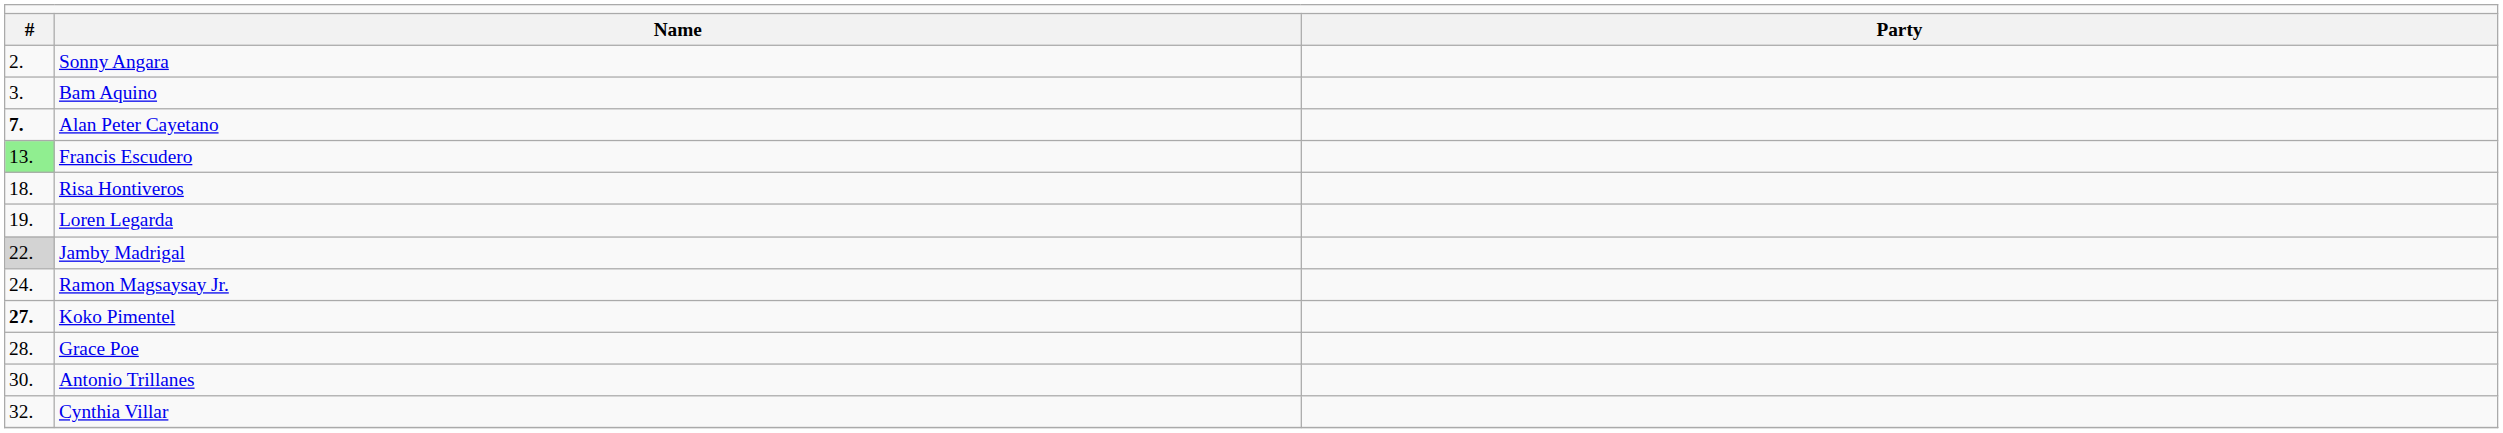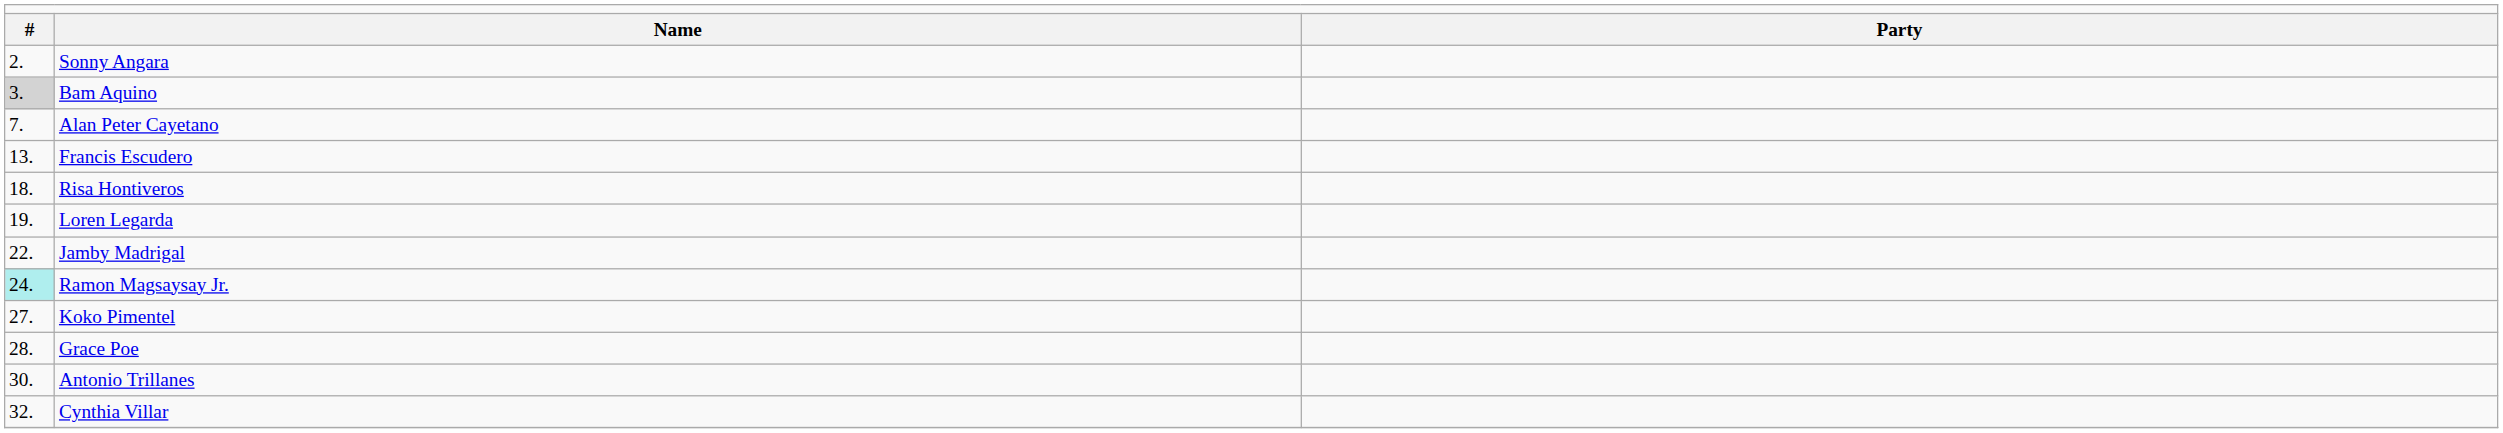 <table class=wikitable style="font-size:95%" width=99%>
 <tr>
 <td colspan=4 bgcolor=></td>
 </tr>
 <tr>
 <th width=2%>#</th>
 <th width=50%>Name</th>
 <th colspan=2>Party</th>
 </tr>
 <tr>
 <td>2.</td>
 <td><a href='#'>Sonny Angara</a></td>
 <td></td>
 </tr>
 <tr>
-<td>3.</td>
+<td style="background: lightgrey;">3.</td>
 <td><a href='#'>Bam Aquino</a></td>
 <td></td>
 </tr>
 <tr>
-<td><strong>7.</strong></td>
+<td>7.</td>
 <td><a href='#'>Alan Peter Cayetano</a></td>
 <td></td>
 </tr>
 <tr>
-<td style="background: lightgreen;">13.</td>
+<td>13.</td>
 <td><a href='#'>Francis Escudero</a></td>
 <td></td>
 </tr>
 <tr>
 <td>18.</td>
 <td><a href='#'>Risa Hontiveros</a></td>
 <td></td>
 </tr>
 <tr>
 <td>19.</td>
 <td><a href='#'>Loren Legarda</a></td>
 <td></td>
 </tr>
 <tr>
-<td style="background: lightgrey;">22.</td>
+<td>22.</td>
 <td><a href='#'>Jamby Madrigal</a></td>
 <td></td>
 </tr>
 <tr>
-<td>24.</td>
+<td style="background: paleturquoise;">24.</td>
 <td><a href='#'>Ramon Magsaysay Jr.</a></td>
 <td></td>
 </tr>
 <tr>
-<td><strong>27.</strong></td>
+<td>27.</td>
 <td><a href='#'>Koko Pimentel</a></td>
 <td></td>
 </tr>
 <tr>
 <td>28.</td>
 <td><a href='#'>Grace Poe</a></td>
 <td></td>
 </tr>
 <tr>
 <td>30.</td>
 <td><a href='#'>Antonio Trillanes</a></td>
 <td></td>
 </tr>
 <tr>
 <td>32.</td>
 <td><a href='#'>Cynthia Villar</a></td>
 <td></td>
 </tr>
 <tr>
 </tr>
 </table>
